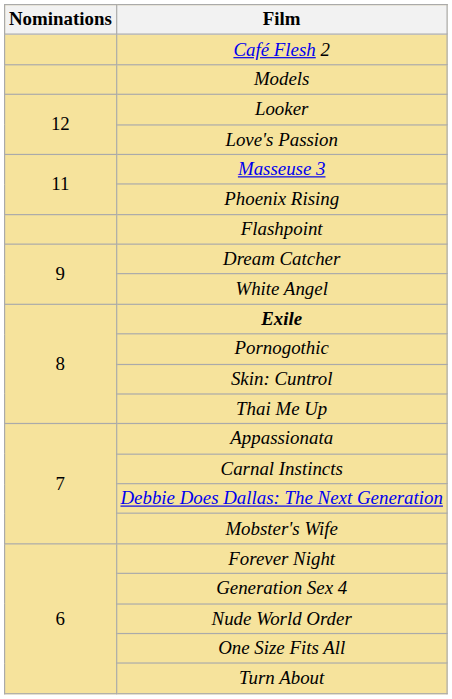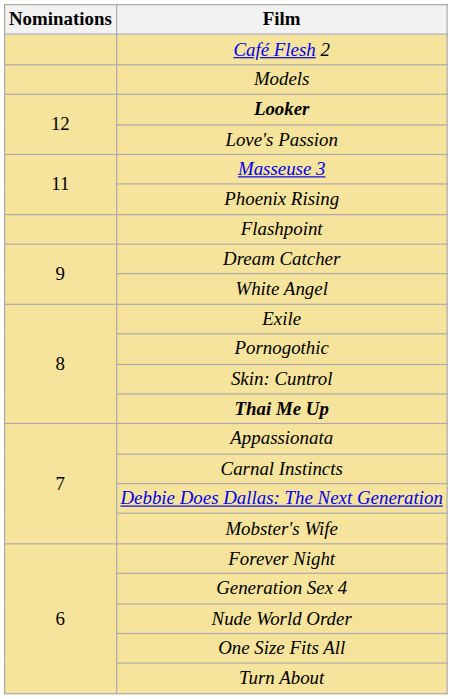 <table class="wikitable sortable" rowspan="2" style="text-align:center; background: #f6e39c">
 <tr>
 <th scope="col" style="width:55px;">Nominations</th>
 <th scope="col" style="text-align:center;">Film</th>
 </tr>
 <tr>
 <td></td>
 <td><em><a href='#'>Café Flesh</a> 2</em></td>
 </tr>
 <tr>
 <td></td>
 <td><em>Models</em></td>
 </tr>
 <tr>
 <td rowspan=2 style="text-align:center">12</td>
-<td><em>Looker</em></td>
+<td><strong><em>Looker</em></strong></td>
 </tr>
 <tr>
 <td><em>Love's Passion</em></td>
 </tr>
 <tr>
 <td rowspan=2 style="text-align:center">11</td>
 <td><em><a href='#'>Masseuse 3</a></em></td>
 </tr>
 <tr>
 <td><em>Phoenix Rising</em></td>
 </tr>
 <tr>
 <td></td>
 <td><em>Flashpoint</em></td>
 </tr>
 <tr>
 <td rowspan=2 style="text-align:center">9</td>
 <td><em>Dream Catcher</em></td>
 </tr>
 <tr>
 <td><em>White Angel</em></td>
 </tr>
 <tr>
 <td rowspan=4 style="text-align:center">8</td>
-<td><strong><em>Exile</em></strong></td>
+<td><em>Exile</em></td>
 </tr>
 <tr>
 <td><em>Pornogothic</em></td>
 </tr>
 <tr>
 <td><em>Skin: Cuntrol</em></td>
 </tr>
 <tr>
-<td><em>Thai Me Up</em></td>
+<td><strong><em>Thai Me Up</em></strong></td>
 </tr>
 <tr>
 <td rowspan=4 style="text-align:center">7</td>
 <td><em>Appassionata</em></td>
 </tr>
 <tr>
 <td><em>Carnal Instincts</em></td>
 </tr>
 <tr>
 <td><em><a href='#'>Debbie Does Dallas: The Next Generation</a></em></td>
 </tr>
 <tr>
 <td><em>Mobster's Wife</em></td>
 </tr>
 <tr>
 <td rowspan=5 style="text-align:center">6</td>
 <td><em>Forever Night </em></td>
 </tr>
 <tr>
 <td><em>Generation Sex 4</em></td>
 </tr>
 <tr>
 <td><em>Nude World Order</em></td>
 </tr>
 <tr>
 <td><em>One Size Fits All</em></td>
 </tr>
 <tr>
 <td><em>Turn About</em></td>
 </tr>
 </table>
